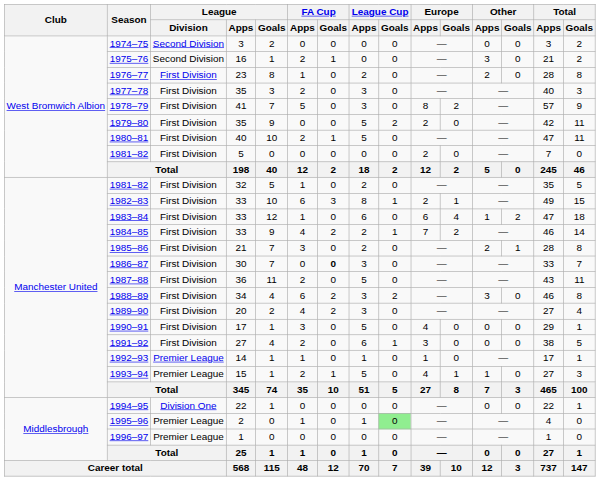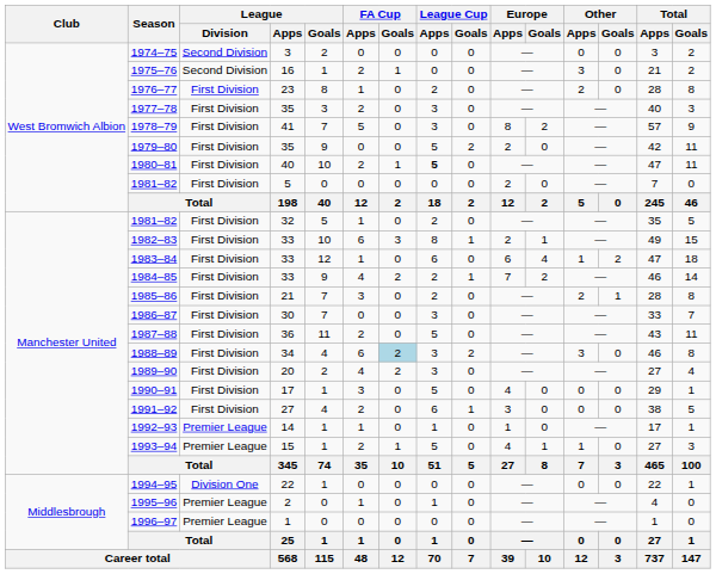 <table class="wikitable" style="text-align:center">
 <tr>
 <th rowspan="2">Club</th>
 <th rowspan="2">Season</th>
 <th colspan="3">League</th>
 <th colspan="2"><a href='#'>FA Cup</a></th>
 <th colspan="2"><a href='#'>League Cup</a></th>
 <th colspan="2">Europe</th>
 <th colspan="2">Other</th>
 <th colspan="2">Total</th>
 </tr>
 <tr>
 <th>Division</th>
 <th>Apps</th>
 <th>Goals</th>
 <th>Apps</th>
 <th>Goals</th>
 <th>Apps</th>
 <th>Goals</th>
 <th>Apps</th>
 <th>Goals</th>
 <th>Apps</th>
 <th>Goals</th>
 <th>Apps</th>
 <th>Goals</th>
 </tr>
 <tr>
 <td rowspan="9"><a href='#'>West Bromwich Albion</a></td>
 <td><a href='#'>1974–75</a></td>
 <td><a href='#'>Second Division</a></td>
 <td>3</td>
 <td>2</td>
 <td>0</td>
 <td>0</td>
 <td>0</td>
 <td>0</td>
 <td colspan="2">—</td>
 <td>0</td>
 <td>0</td>
 <td>3</td>
 <td>2</td>
 </tr>
 <tr>
 <td><a href='#'>1975–76</a></td>
 <td>Second Division</td>
 <td>16</td>
 <td>1</td>
 <td>2</td>
 <td>1</td>
 <td>0</td>
 <td>0</td>
 <td colspan="2">—</td>
 <td>3</td>
 <td>0</td>
 <td>21</td>
 <td>2</td>
 </tr>
 <tr>
 <td><a href='#'>1976–77</a></td>
 <td><a href='#'>First Division</a></td>
 <td>23</td>
 <td>8</td>
 <td>1</td>
 <td>0</td>
 <td>2</td>
 <td>0</td>
 <td colspan="2">—</td>
 <td>2</td>
 <td>0</td>
 <td>28</td>
 <td>8</td>
 </tr>
 <tr>
 <td><a href='#'>1977–78</a></td>
 <td>First Division</td>
 <td>35</td>
 <td>3</td>
 <td>2</td>
 <td>0</td>
 <td>3</td>
 <td>0</td>
 <td colspan="2">—</td>
 <td colspan="2">—</td>
 <td>40</td>
 <td>3</td>
 </tr>
 <tr>
 <td><a href='#'>1978–79</a></td>
 <td>First Division</td>
 <td>41</td>
 <td>7</td>
 <td>5</td>
 <td>0</td>
 <td>3</td>
 <td>0</td>
 <td>8</td>
 <td>2</td>
 <td colspan="2">—</td>
 <td>57</td>
 <td>9</td>
 </tr>
 <tr>
 <td><a href='#'>1979–80</a></td>
 <td>First Division</td>
 <td>35</td>
 <td>9</td>
 <td>0</td>
 <td>0</td>
 <td>5</td>
 <td>2</td>
 <td>2</td>
 <td>0</td>
 <td colspan="2">—</td>
 <td>42</td>
 <td>11</td>
 </tr>
 <tr>
 <td><a href='#'>1980–81</a></td>
 <td>First Division</td>
 <td>40</td>
 <td>10</td>
 <td>2</td>
 <td>1</td>
-<td>5</td>
+<td><strong>5</strong></td>
 <td>0</td>
 <td colspan="2">—</td>
 <td colspan="2">—</td>
 <td>47</td>
 <td>11</td>
 </tr>
 <tr>
 <td><a href='#'>1981–82</a></td>
 <td>First Division</td>
 <td>5</td>
 <td>0</td>
 <td>0</td>
 <td>0</td>
 <td>0</td>
 <td>0</td>
 <td>2</td>
 <td>0</td>
 <td colspan="2">—</td>
 <td>7</td>
 <td>0</td>
 </tr>
 <tr>
 <th colspan="2">Total</th>
 <th>198</th>
 <th>40</th>
 <th>12</th>
 <th>2</th>
 <th>18</th>
 <th>2</th>
 <th>12</th>
 <th>2</th>
 <th>5</th>
 <th>0</th>
 <th>245</th>
 <th>46</th>
 </tr>
 <tr>
 <td rowspan="14"><a href='#'>Manchester United</a></td>
 <td><a href='#'>1981–82</a></td>
 <td>First Division</td>
 <td>32</td>
 <td>5</td>
 <td>1</td>
 <td>0</td>
 <td>2</td>
 <td>0</td>
 <td colspan="2">—</td>
 <td colspan="2">—</td>
 <td>35</td>
 <td>5</td>
 </tr>
 <tr>
 <td><a href='#'>1982–83</a></td>
 <td>First Division</td>
 <td>33</td>
 <td>10</td>
 <td>6</td>
 <td>3</td>
 <td>8</td>
 <td>1</td>
 <td>2</td>
 <td>1</td>
 <td colspan="2">—</td>
 <td>49</td>
 <td>15</td>
 </tr>
 <tr>
 <td><a href='#'>1983–84</a></td>
 <td>First Division</td>
 <td>33</td>
 <td>12</td>
 <td>1</td>
 <td>0</td>
 <td>6</td>
 <td>0</td>
 <td>6</td>
 <td>4</td>
 <td>1</td>
 <td>2</td>
 <td>47</td>
 <td>18</td>
 </tr>
 <tr>
 <td><a href='#'>1984–85</a></td>
 <td>First Division</td>
 <td>33</td>
 <td>9</td>
 <td>4</td>
 <td>2</td>
 <td>2</td>
 <td>1</td>
 <td>7</td>
 <td>2</td>
 <td colspan="2">—</td>
 <td>46</td>
 <td>14</td>
 </tr>
 <tr>
 <td><a href='#'>1985–86</a></td>
 <td>First Division</td>
 <td>21</td>
 <td>7</td>
 <td>3</td>
 <td>0</td>
 <td>2</td>
 <td>0</td>
 <td colspan="2">—</td>
 <td>2</td>
 <td>1</td>
 <td>28</td>
 <td>8</td>
 </tr>
 <tr>
 <td><a href='#'>1986–87</a></td>
 <td>First Division</td>
 <td>30</td>
 <td>7</td>
 <td>0</td>
-<td><strong>0</strong></td>
+<td>0</td>
 <td>3</td>
 <td>0</td>
 <td colspan="2">—</td>
 <td colspan="2">—</td>
 <td>33</td>
 <td>7</td>
 </tr>
 <tr>
 <td><a href='#'>1987–88</a></td>
 <td>First Division</td>
 <td>36</td>
 <td>11</td>
 <td>2</td>
 <td>0</td>
 <td>5</td>
 <td>0</td>
 <td colspan="2">—</td>
 <td colspan="2">—</td>
 <td>43</td>
 <td>11</td>
 </tr>
 <tr>
 <td><a href='#'>1988–89</a></td>
 <td>First Division</td>
 <td>34</td>
 <td>4</td>
 <td>6</td>
-<td>2</td>
+<td style="background: lightblue;">2</td>
 <td>3</td>
 <td>2</td>
 <td colspan="2">—</td>
 <td>3</td>
 <td>0</td>
 <td>46</td>
 <td>8</td>
 </tr>
 <tr>
 <td><a href='#'>1989–90</a></td>
 <td>First Division</td>
 <td>20</td>
 <td>2</td>
 <td>4</td>
 <td>2</td>
 <td>3</td>
 <td>0</td>
 <td colspan="2">—</td>
 <td colspan="2">—</td>
 <td>27</td>
 <td>4</td>
 </tr>
 <tr>
 <td><a href='#'>1990–91</a></td>
 <td>First Division</td>
 <td>17</td>
 <td>1</td>
 <td>3</td>
 <td>0</td>
 <td>5</td>
 <td>0</td>
 <td>4</td>
 <td>0</td>
 <td>0</td>
 <td>0</td>
 <td>29</td>
 <td>1</td>
 </tr>
 <tr>
 <td><a href='#'>1991–92</a></td>
 <td>First Division</td>
 <td>27</td>
 <td>4</td>
 <td>2</td>
 <td>0</td>
 <td>6</td>
 <td>1</td>
 <td>3</td>
 <td>0</td>
 <td>0</td>
 <td>0</td>
 <td>38</td>
 <td>5</td>
 </tr>
 <tr>
 <td><a href='#'>1992–93</a></td>
 <td><a href='#'>Premier League</a></td>
 <td>14</td>
 <td>1</td>
 <td>1</td>
 <td>0</td>
 <td>1</td>
 <td>0</td>
 <td>1</td>
 <td>0</td>
 <td colspan="2">—</td>
 <td>17</td>
 <td>1</td>
 </tr>
 <tr>
 <td><a href='#'>1993–94</a></td>
 <td>Premier League</td>
 <td>15</td>
 <td>1</td>
 <td>2</td>
 <td>1</td>
 <td>5</td>
 <td>0</td>
 <td>4</td>
 <td>1</td>
 <td>1</td>
 <td>0</td>
 <td>27</td>
 <td>3</td>
 </tr>
 <tr>
 <th colspan="2">Total</th>
 <th>345</th>
 <th>74</th>
 <th>35</th>
 <th>10</th>
 <th>51</th>
 <th>5</th>
 <th>27</th>
 <th>8</th>
 <th>7</th>
 <th>3</th>
 <th>465</th>
 <th>100</th>
 </tr>
 <tr>
 <td rowspan="4"><a href='#'>Middlesbrough</a></td>
 <td><a href='#'>1994–95</a></td>
 <td><a href='#'>Division One</a></td>
 <td>22</td>
 <td>1</td>
 <td>0</td>
 <td>0</td>
 <td>0</td>
 <td>0</td>
 <td colspan="2">—</td>
 <td>0</td>
 <td>0</td>
 <td>22</td>
 <td>1</td>
 </tr>
 <tr>
 <td><a href='#'>1995–96</a></td>
 <td>Premier League</td>
 <td>2</td>
 <td>0</td>
 <td>1</td>
 <td>0</td>
 <td>1</td>
-<td style="background: lightgreen;">0</td>
+<td>0</td>
 <td colspan="2">—</td>
 <td colspan="2">—</td>
 <td>4</td>
 <td>0</td>
 </tr>
 <tr>
 <td><a href='#'>1996–97</a></td>
 <td>Premier League</td>
 <td>1</td>
 <td>0</td>
 <td>0</td>
 <td>0</td>
 <td>0</td>
 <td>0</td>
 <td colspan="2">—</td>
 <td colspan="2">—</td>
 <td>1</td>
 <td>0</td>
 </tr>
 <tr>
 <th colspan="2">Total</th>
 <th>25</th>
 <th>1</th>
 <th>1</th>
 <th>0</th>
 <th>1</th>
 <th>0</th>
 <th colspan="2">—</th>
 <th>0</th>
 <th>0</th>
 <th>27</th>
 <th>1</th>
 </tr>
 <tr>
 <th colspan="3">Career total</th>
 <th>568</th>
 <th>115</th>
 <th>48</th>
 <th>12</th>
 <th>70</th>
 <th>7</th>
 <th>39</th>
 <th>10</th>
 <th>12</th>
 <th>3</th>
 <th>737</th>
 <th>147</th>
 </tr>
 </table>
